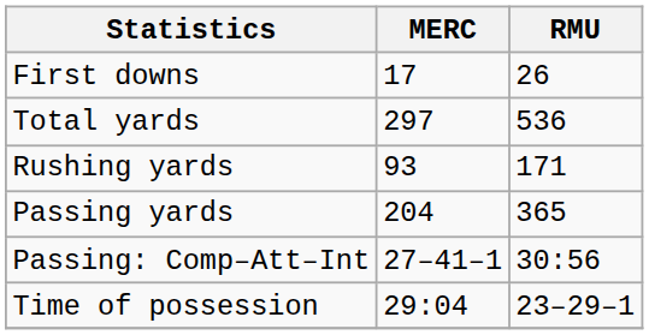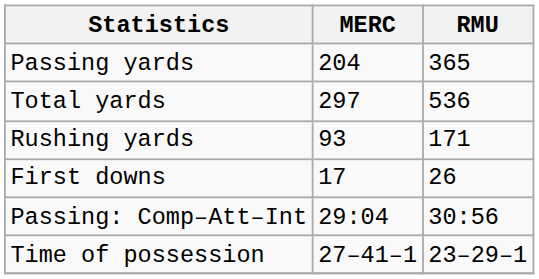 <table class="wikitable" style="float: left;">
 <tr>
 <th>Statistics</th>
 <th>MERC</th>
 <th>RMU</th>
 </tr>
 <tr>
-<td>First downs</td>
-<td>17</td>
-<td>26</td>
+<td>Passing yards</td>
+<td>204</td>
+<td>365</td>
 </tr>
 <tr>
 <td>Total yards</td>
 <td>297</td>
 <td>536</td>
 </tr>
 <tr>
 <td>Rushing yards</td>
 <td>93</td>
 <td>171</td>
 </tr>
 <tr>
-<td>Passing yards</td>
-<td>204</td>
-<td>365</td>
+<td>First downs</td>
+<td>17</td>
+<td>26</td>
 </tr>
 <tr>
 <td>Passing: Comp–Att–Int</td>
-<td>27–41–1</td>
+<td>29:04</td>
 <td>30:56</td>
 </tr>
 <tr>
 <td>Time of possession</td>
-<td>29:04</td>
+<td>27–41–1</td>
 <td>23–29–1</td>
 </tr>
 <tr>
 </tr>
 </table>
